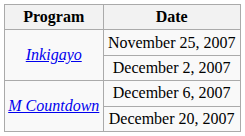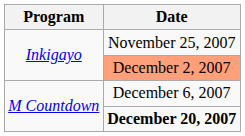 <table class="wikitable sortable" style="text-align:center">
 <tr>
 <th>Program</th>
 <th width="130">Date</th>
 </tr>
 <tr>
 <td rowspan="2"><em><a href='#'>Inkigayo</a></em></td>
 <td>November 25, 2007</td>
 </tr>
 <tr>
-<td>December 2, 2007</td>
+<td style="background: lightsalmon;">December 2, 2007</td>
 </tr>
 <tr>
 <td rowspan="2"><em><a href='#'>M Countdown</a></em></td>
 <td>December 6, 2007</td>
 </tr>
 <tr>
-<td>December 20, 2007</td>
+<td><strong>December 20, 2007</strong></td>
 </tr>
 </table>
